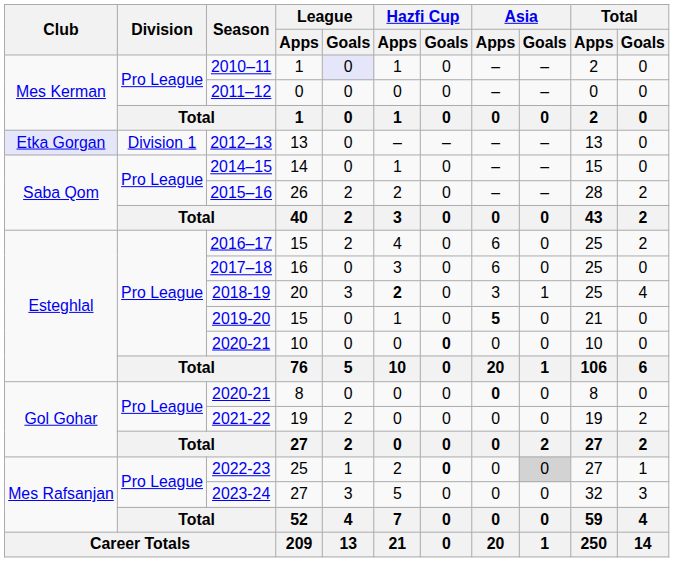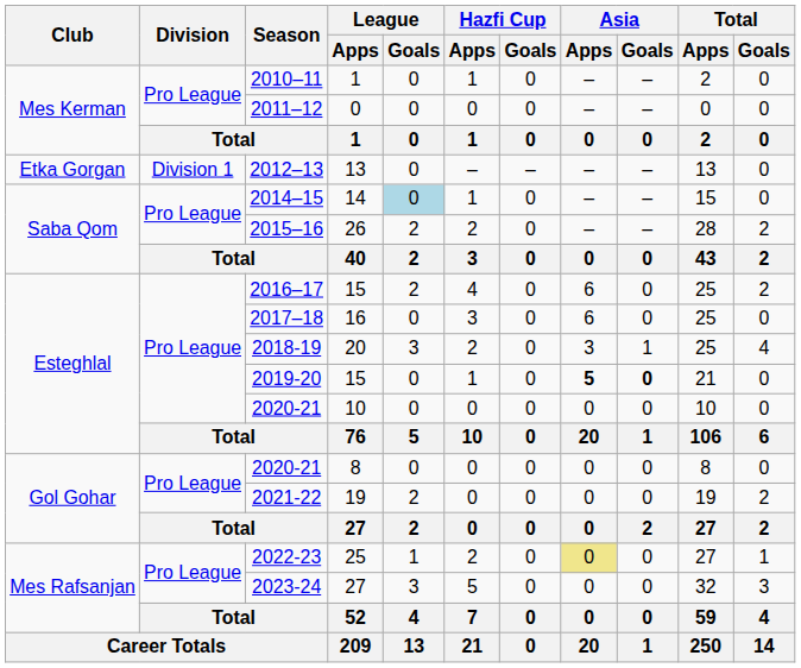 <table class="wikitable" style="text-align: center;">
 <tr>
 <th rowspan="2">Club</th>
 <th rowspan="2">Division</th>
 <th rowspan="2">Season</th>
 <th colspan="2">League</th>
 <th colspan="2"><a href='#'>Hazfi Cup</a></th>
 <th colspan="2"><a href='#'>Asia</a></th>
 <th colspan="2">Total</th>
 </tr>
 <tr>
 <th>Apps</th>
 <th>Goals</th>
 <th>Apps</th>
 <th>Goals</th>
 <th>Apps</th>
 <th>Goals</th>
 <th>Apps</th>
 <th>Goals</th>
 </tr>
 <tr>
 <td rowspan="3"><a href='#'>Mes Kerman</a></td>
 <td rowspan="2"><a href='#'>Pro League</a></td>
 <td><a href='#'>2010–11</a></td>
 <td>1</td>
-<td style="background: lavender;">0</td>
+<td>0</td>
 <td>1</td>
 <td>0</td>
 <td>–</td>
 <td>–</td>
 <td>2</td>
 <td>0</td>
 </tr>
 <tr>
 <td><a href='#'>2011–12</a></td>
 <td>0</td>
 <td>0</td>
 <td>0</td>
 <td>0</td>
 <td>–</td>
 <td>–</td>
 <td>0</td>
 <td>0</td>
 </tr>
 <tr>
 <th colspan=2>Total</th>
 <th>1</th>
 <th>0</th>
 <th>1</th>
 <th>0</th>
 <th>0</th>
 <th>0</th>
 <th>2</th>
 <th>0</th>
 </tr>
 <tr>
-<td style="background: lavender;"><a href='#'>Etka Gorgan</a></td>
+<td><a href='#'>Etka Gorgan</a></td>
 <td><a href='#'>Division 1</a></td>
 <td><a href='#'>2012–13</a></td>
 <td>13</td>
 <td>0</td>
 <td>–</td>
 <td>–</td>
 <td>–</td>
 <td>–</td>
 <td>13</td>
 <td>0</td>
 </tr>
 <tr>
 <td rowspan="3"><a href='#'>Saba Qom</a></td>
 <td rowspan="2"><a href='#'>Pro League</a></td>
 <td><a href='#'>2014–15</a></td>
 <td>14</td>
-<td>0</td>
+<td style="background: lightblue;">0</td>
 <td>1</td>
 <td>0</td>
 <td>–</td>
 <td>–</td>
 <td>15</td>
 <td>0</td>
 </tr>
 <tr>
 <td><a href='#'>2015–16</a></td>
 <td>26</td>
 <td>2</td>
 <td>2</td>
 <td>0</td>
 <td>–</td>
 <td>–</td>
 <td>28</td>
 <td>2</td>
 </tr>
 <tr>
 <th colspan=2>Total</th>
 <th>40</th>
 <th>2</th>
 <th>3</th>
 <th>0</th>
 <th>0</th>
 <th>0</th>
 <th>43</th>
 <th>2</th>
 </tr>
 <tr>
 <td rowspan="6"><a href='#'>Esteghlal</a></td>
 <td rowspan="5"><a href='#'>Pro League</a></td>
 <td><a href='#'>2016–17</a></td>
 <td>15</td>
 <td>2</td>
 <td>4</td>
 <td>0</td>
 <td>6</td>
 <td>0</td>
 <td>25</td>
 <td>2</td>
 </tr>
 <tr>
 <td><a href='#'>2017–18</a></td>
 <td>16</td>
 <td>0</td>
 <td>3</td>
 <td>0</td>
 <td>6</td>
 <td>0</td>
 <td>25</td>
 <td>0</td>
 </tr>
 <tr>
 <td><a href='#'>2018-19</a></td>
 <td>20</td>
 <td>3</td>
-<td><strong>2</strong></td>
+<td>2</td>
 <td>0</td>
 <td>3</td>
 <td>1</td>
 <td>25</td>
 <td>4</td>
 </tr>
 <tr>
 <td><a href='#'>2019-20</a></td>
 <td>15</td>
 <td>0</td>
 <td>1</td>
 <td>0</td>
 <td><strong>5</strong></td>
-<td>0</td>
+<td><strong>0</strong></td>
 <td>21</td>
 <td>0</td>
 </tr>
 <tr>
 <td><a href='#'>2020-21</a></td>
 <td>10</td>
 <td>0</td>
 <td>0</td>
-<td><strong>0</strong></td>
+<td>0</td>
 <td>0</td>
 <td>0</td>
 <td>10</td>
 <td>0</td>
 </tr>
 <tr>
 <th colspan=2>Total</th>
 <th>76</th>
 <th>5</th>
 <th>10</th>
 <th>0</th>
 <th>20</th>
 <th>1</th>
 <th>106</th>
 <th>6</th>
 </tr>
 <tr>
 <td rowspan="3"><a href='#'>Gol Gohar</a></td>
 <td rowspan="2"><a href='#'>Pro League</a></td>
 <td><a href='#'>2020-21</a></td>
 <td>8</td>
 <td>0</td>
 <td>0</td>
 <td>0</td>
-<td><strong>0</strong></td>
+<td>0</td>
 <td>0</td>
 <td>8</td>
 <td>0</td>
 </tr>
 <tr>
 <td><a href='#'>2021-22</a></td>
 <td>19</td>
 <td>2</td>
 <td>0</td>
 <td>0</td>
 <td>0</td>
 <td>0</td>
 <td>19</td>
 <td>2</td>
 </tr>
 <tr>
 <th colspan=2>Total</th>
 <th>27</th>
 <th>2</th>
 <th>0</th>
 <th>0</th>
 <th>0</th>
 <th>2</th>
 <th>27</th>
 <th>2</th>
 </tr>
 <tr>
 <td rowspan="3"><a href='#'>Mes Rafsanjan</a></td>
 <td rowspan="2"><a href='#'>Pro League</a></td>
 <td><a href='#'>2022-23</a></td>
 <td>25</td>
 <td>1</td>
 <td>2</td>
-<td><strong>0</strong></td>
 <td>0</td>
-<td style="background: lightgrey;">0</td>
+<td style="background: khaki;">0</td>
+<td>0</td>
 <td>27</td>
 <td>1</td>
 </tr>
 <tr>
 <td><a href='#'>2023-24</a></td>
 <td>27</td>
 <td>3</td>
 <td>5</td>
 <td>0</td>
 <td>0</td>
 <td>0</td>
 <td>32</td>
 <td>3</td>
 </tr>
 <tr>
 <th colspan=2>Total</th>
 <th>52</th>
 <th>4</th>
 <th>7</th>
 <th>0</th>
 <th>0</th>
 <th>0</th>
 <th>59</th>
 <th>4</th>
 </tr>
 <tr>
 <th colspan="3">Career Totals</th>
 <th>209</th>
 <th>13</th>
 <th>21</th>
 <th>0</th>
 <th>20</th>
 <th>1</th>
 <th>250</th>
 <th>14</th>
 </tr>
 </table>
